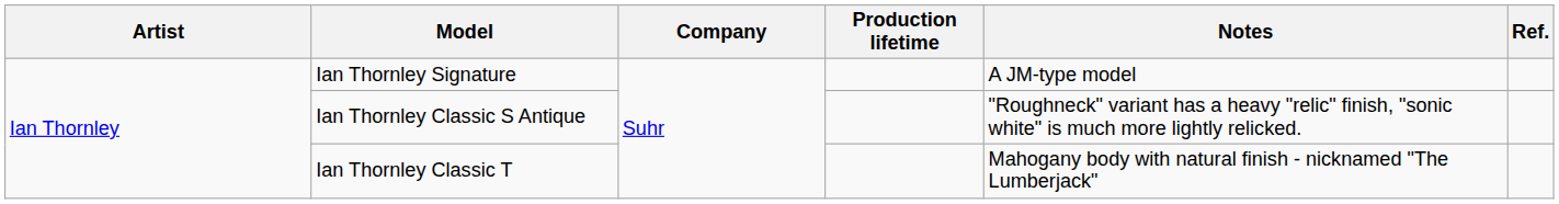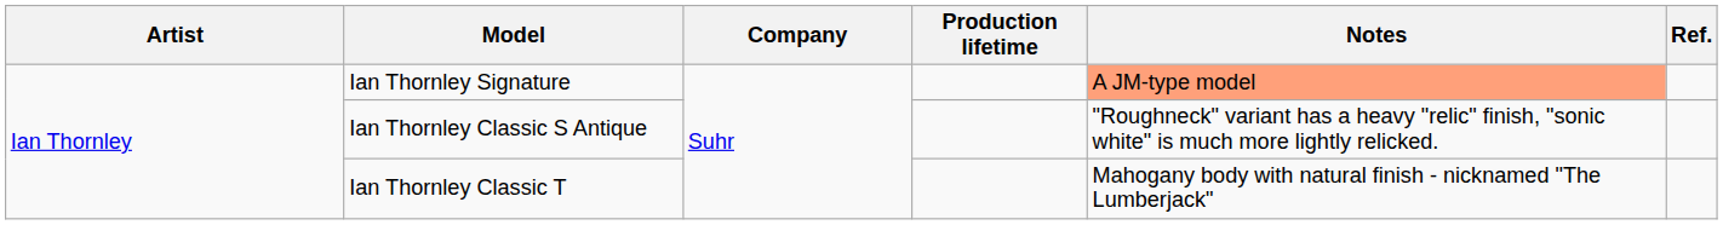 <table class="wikitable sortable plainrowheaders" style="width:99%;">
 <tr>
 <th scope="col" style="width:15em;">Artist</th>
 <th scope="col" style="width:15em;">Model</th>
 <th scope="col" style="width:10em;">Company</th>
 <th scope="col">Production lifetime</th>
 <th scope="col" class="unsortable">Notes</th>
 <th scope="col">Ref.</th>
 </tr>
 <tr>
 <td rowspan=3><a href='#'>Ian Thornley</a></td>
 <td>Ian Thornley Signature</td>
 <td rowspan=3><a href='#'>Suhr</a></td>
 <td></td>
-<td>A JM-type model</td>
+<td style="background: lightsalmon;">A JM-type model</td>
 <td></td>
 </tr>
 <tr>
 <td>Ian Thornley Classic S Antique</td>
 <td></td>
 <td>"Roughneck" variant has a heavy "relic" finish, "sonic white" is much more lightly relicked.</td>
 <td></td>
 </tr>
 <tr>
 <td>Ian Thornley Classic T</td>
 <td></td>
 <td>Mahogany body with natural finish - nicknamed "The Lumberjack"</td>
 <td></td>
 </tr>
 </table>
